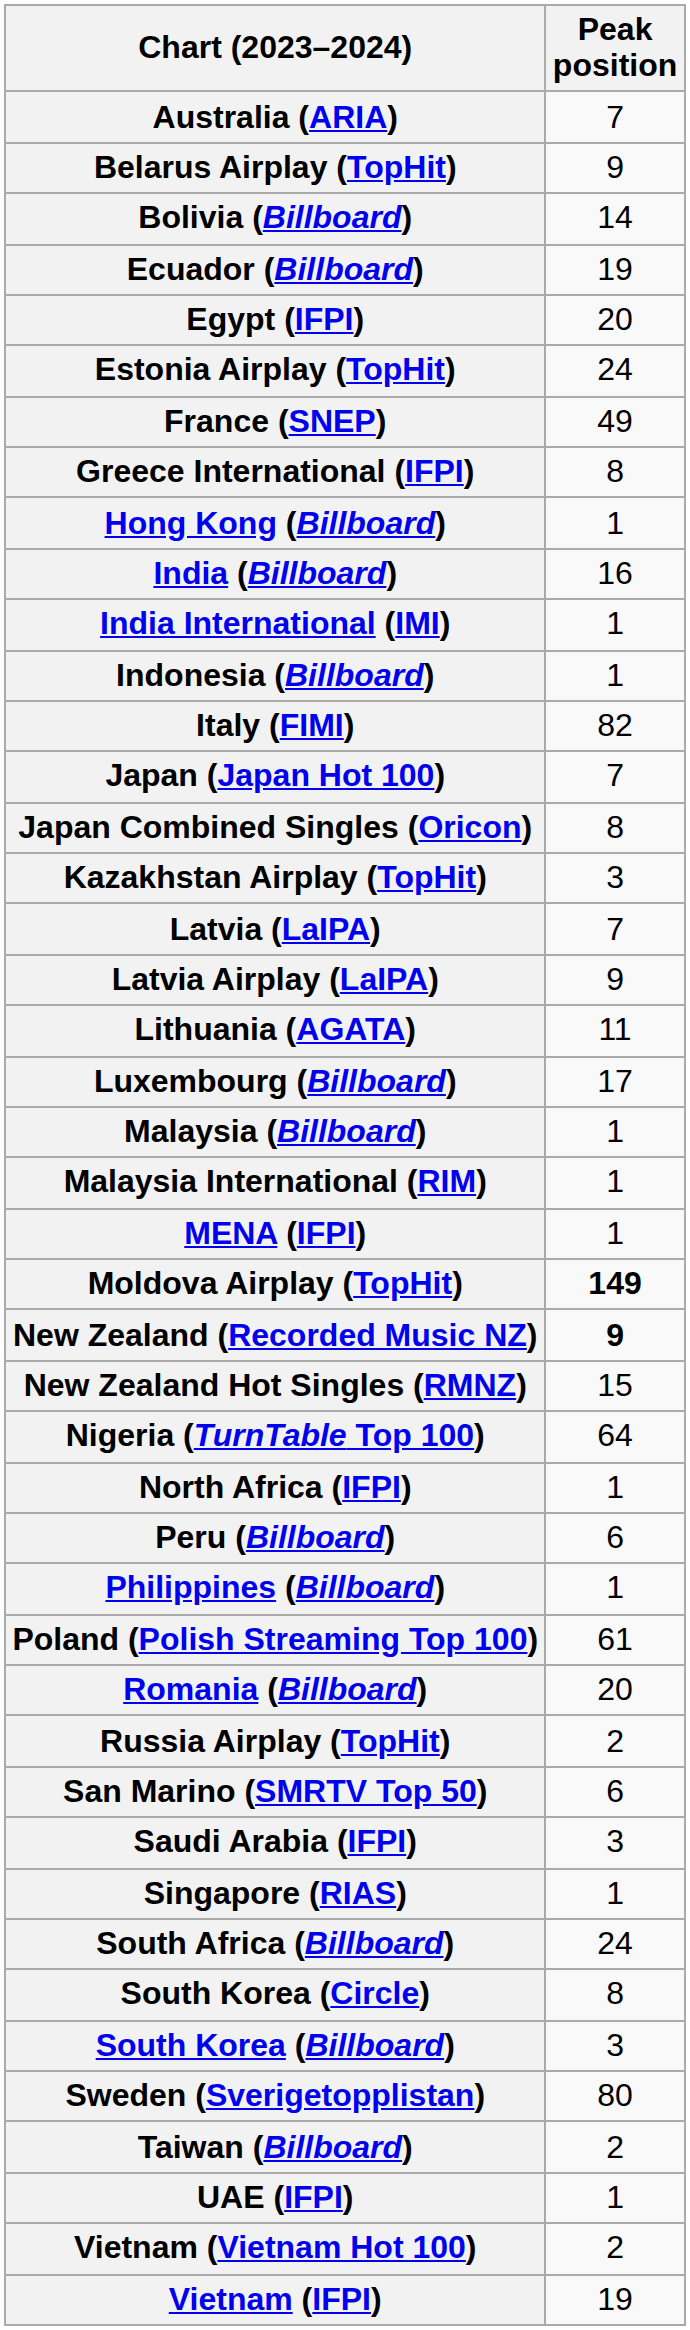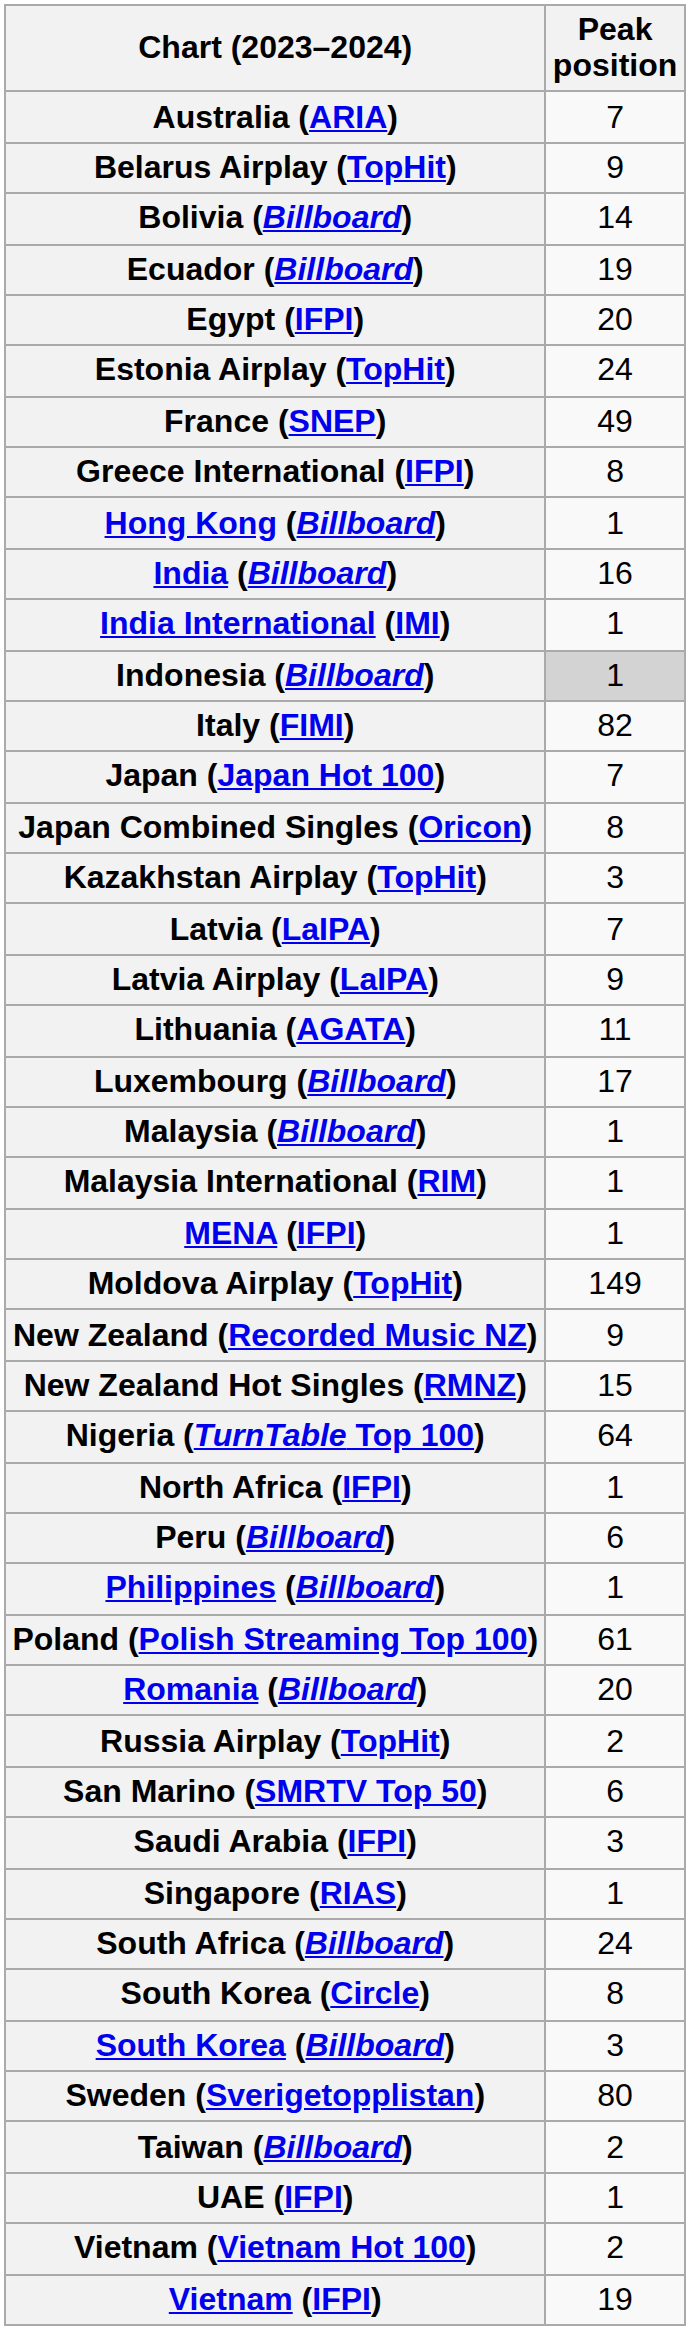 <table class="wikitable sortable plainrowheaders" style="text-align:center">
 <tr>
 <th scope="col">Chart (2023–2024)</th>
 <th scope="col">Peak<br>position</th>
 </tr>
 <tr>
 </tr>
 <tr>
 <th scope="row">Australia (<a href='#'>ARIA</a>)</th>
 <td>7</td>
 </tr>
 <tr>
 </tr>
 <tr>
 <th scope="row">Belarus Airplay (<a href='#'>TopHit</a>)</th>
 <td>9</td>
 </tr>
 <tr>
 <th scope="row">Bolivia (<em><a href='#'>Billboard</a></em>)</th>
 <td>14</td>
 </tr>
 <tr>
 </tr>
 <tr>
 </tr>
 <tr>
 </tr>
 <tr>
 </tr>
 <tr>
 <th scope="row">Ecuador (<em><a href='#'>Billboard</a></em>)</th>
 <td>19</td>
 </tr>
 <tr>
 <th scope="row">Egypt (<a href='#'>IFPI</a>)</th>
 <td>20</td>
 </tr>
 <tr>
 <th scope="row">Estonia Airplay (<a href='#'>TopHit</a>)</th>
 <td>24</td>
 </tr>
 <tr>
 <th scope="row">France (<a href='#'>SNEP</a>)</th>
 <td>49</td>
 </tr>
 <tr>
 </tr>
 <tr>
 </tr>
 <tr>
 <th scope="row">Greece International (<a href='#'>IFPI</a>)</th>
 <td>8</td>
 </tr>
 <tr>
 <th scope="row"><a href='#'>Hong Kong</a> (<em><a href='#'>Billboard</a></em>)</th>
 <td>1</td>
 </tr>
 <tr>
 </tr>
 <tr>
 <th scope="row"><a href='#'>India</a> (<em><a href='#'>Billboard</a></em>)</th>
 <td>16</td>
 </tr>
 <tr>
 <th scope="row"><a href='#'>India International</a> (<a href='#'>IMI</a>)</th>
 <td>1</td>
 </tr>
 <tr>
 <th scope="row">Indonesia (<em><a href='#'>Billboard</a></em>)</th>
-<td>1</td>
+<td style="background: lightgrey;">1</td>
 </tr>
 <tr>
 </tr>
 <tr>
 <th scope="row">Italy (<a href='#'>FIMI</a>)</th>
 <td>82</td>
 </tr>
 <tr>
 <th scope="row">Japan (<a href='#'>Japan Hot 100</a>)</th>
 <td>7</td>
 </tr>
 <tr>
 <th scope="row">Japan Combined Singles (<a href='#'>Oricon</a>)</th>
 <td>8</td>
 </tr>
 <tr>
 <th scope="row">Kazakhstan Airplay (<a href='#'>TopHit</a>)</th>
 <td>3</td>
 </tr>
 <tr>
 <th scope="row">Latvia (<a href='#'>LaIPA</a>)</th>
 <td>7</td>
 </tr>
 <tr>
 <th scope="row">Latvia Airplay (<a href='#'>LaIPA</a>)</th>
 <td>9</td>
 </tr>
 <tr>
 <th scope="row">Lithuania (<a href='#'>AGATA</a>)</th>
 <td>11</td>
 </tr>
 <tr>
 <th scope="row">Luxembourg (<em><a href='#'>Billboard</a></em>)</th>
 <td>17</td>
 </tr>
 <tr>
 <th scope="row">Malaysia (<em><a href='#'>Billboard</a></em>)</th>
 <td>1</td>
 </tr>
 <tr>
 <th scope="row">Malaysia International (<a href='#'>RIM</a>)</th>
 <td>1</td>
 </tr>
 <tr>
 <th scope="row"><a href='#'>MENA</a> (<a href='#'>IFPI</a>)</th>
 <td>1</td>
 </tr>
 <tr>
 <th scope="row">Moldova Airplay (<a href='#'>TopHit</a>)</th>
-<td><strong>149</strong></td>
+<td>149</td>
 </tr>
 <tr>
 </tr>
 <tr>
 <th scope="row">New Zealand (<a href='#'>Recorded Music NZ</a>)</th>
-<td><strong>9</strong></td>
+<td>9</td>
 </tr>
 <tr>
 <th scope="row">New Zealand Hot Singles (<a href='#'>RMNZ</a>)<br><em></em></th>
 <td>15</td>
 </tr>
 <tr>
 <th scope="row">Nigeria (<a href='#'><em>TurnTable</em> Top 100</a>)</th>
 <td>64</td>
 </tr>
 <tr>
 <th scope="row">North Africa (<a href='#'>IFPI</a>)</th>
 <td>1</td>
 </tr>
 <tr>
 <th scope="row">Peru (<em><a href='#'>Billboard</a></em>)</th>
 <td>6</td>
 </tr>
 <tr>
 <th scope="row"><a href='#'>Philippines</a> (<em><a href='#'>Billboard</a></em>)</th>
 <td>1</td>
 </tr>
 <tr>
 <th scope="row">Poland (<a href='#'>Polish Streaming Top 100</a>)</th>
 <td>61</td>
 </tr>
 <tr>
 </tr>
 <tr>
 <th scope="row"><a href='#'>Romania</a> (<em><a href='#'>Billboard</a></em>)</th>
 <td>20</td>
 </tr>
 <tr>
 <th scope="row">Russia Airplay (<a href='#'>TopHit</a>)</th>
 <td>2</td>
 </tr>
 <tr>
 <th scope="row">San Marino (<a href='#'>SMRTV Top 50</a>)</th>
 <td>6</td>
 </tr>
 <tr>
 <th scope="row">Saudi Arabia (<a href='#'>IFPI</a>)</th>
 <td>3</td>
 </tr>
 <tr>
 <th scope="row">Singapore (<a href='#'>RIAS</a>)</th>
 <td>1</td>
 </tr>
 <tr>
 </tr>
 <tr>
 <th scope="row">South Africa (<em><a href='#'>Billboard</a></em>)</th>
 <td>24</td>
 </tr>
 <tr>
 <th scope="row">South Korea (<a href='#'>Circle</a>)</th>
 <td>8</td>
 </tr>
 <tr>
 <th scope="row"><a href='#'>South Korea</a> (<em><a href='#'>Billboard</a></em>)</th>
 <td>3</td>
 </tr>
 <tr>
 <th scope="row">Sweden (<a href='#'>Sverigetopplistan</a>)</th>
 <td>80</td>
 </tr>
 <tr>
 </tr>
 <tr>
 <th scope="row">Taiwan (<em><a href='#'>Billboard</a></em>)</th>
 <td>2</td>
 </tr>
 <tr>
 <th scope="row">UAE (<a href='#'>IFPI</a>)</th>
 <td>1</td>
 </tr>
 <tr>
 </tr>
 <tr>
 </tr>
 <tr>
 </tr>
 <tr>
 <th scope="row">Vietnam (<a href='#'>Vietnam Hot 100</a>)</th>
 <td>2</td>
 </tr>
 <tr>
 <th scope="row"><a href='#'>Vietnam</a> (<a href='#'>IFPI</a>)</th>
 <td>19</td>
 </tr>
 </table>
